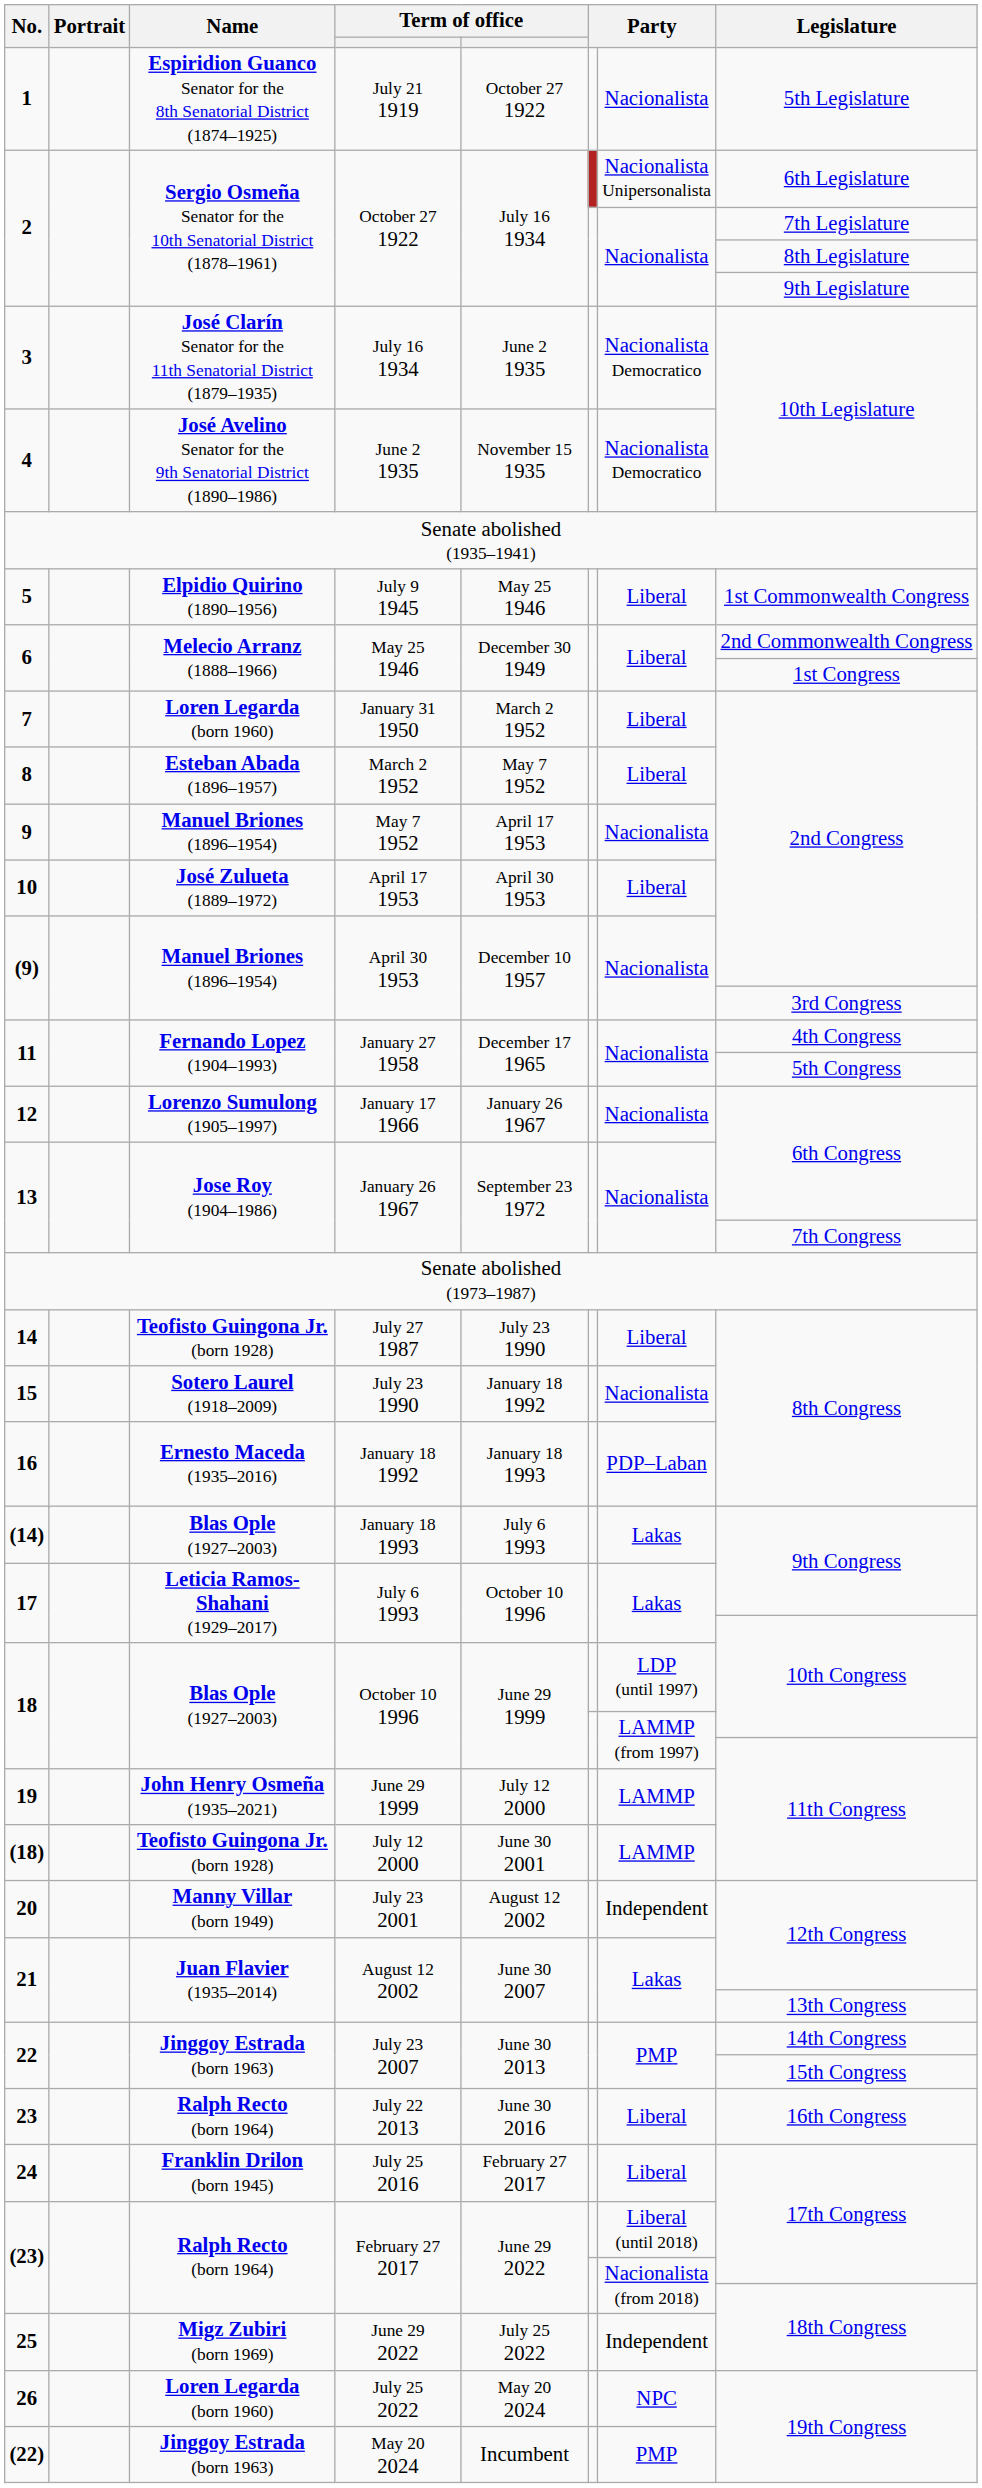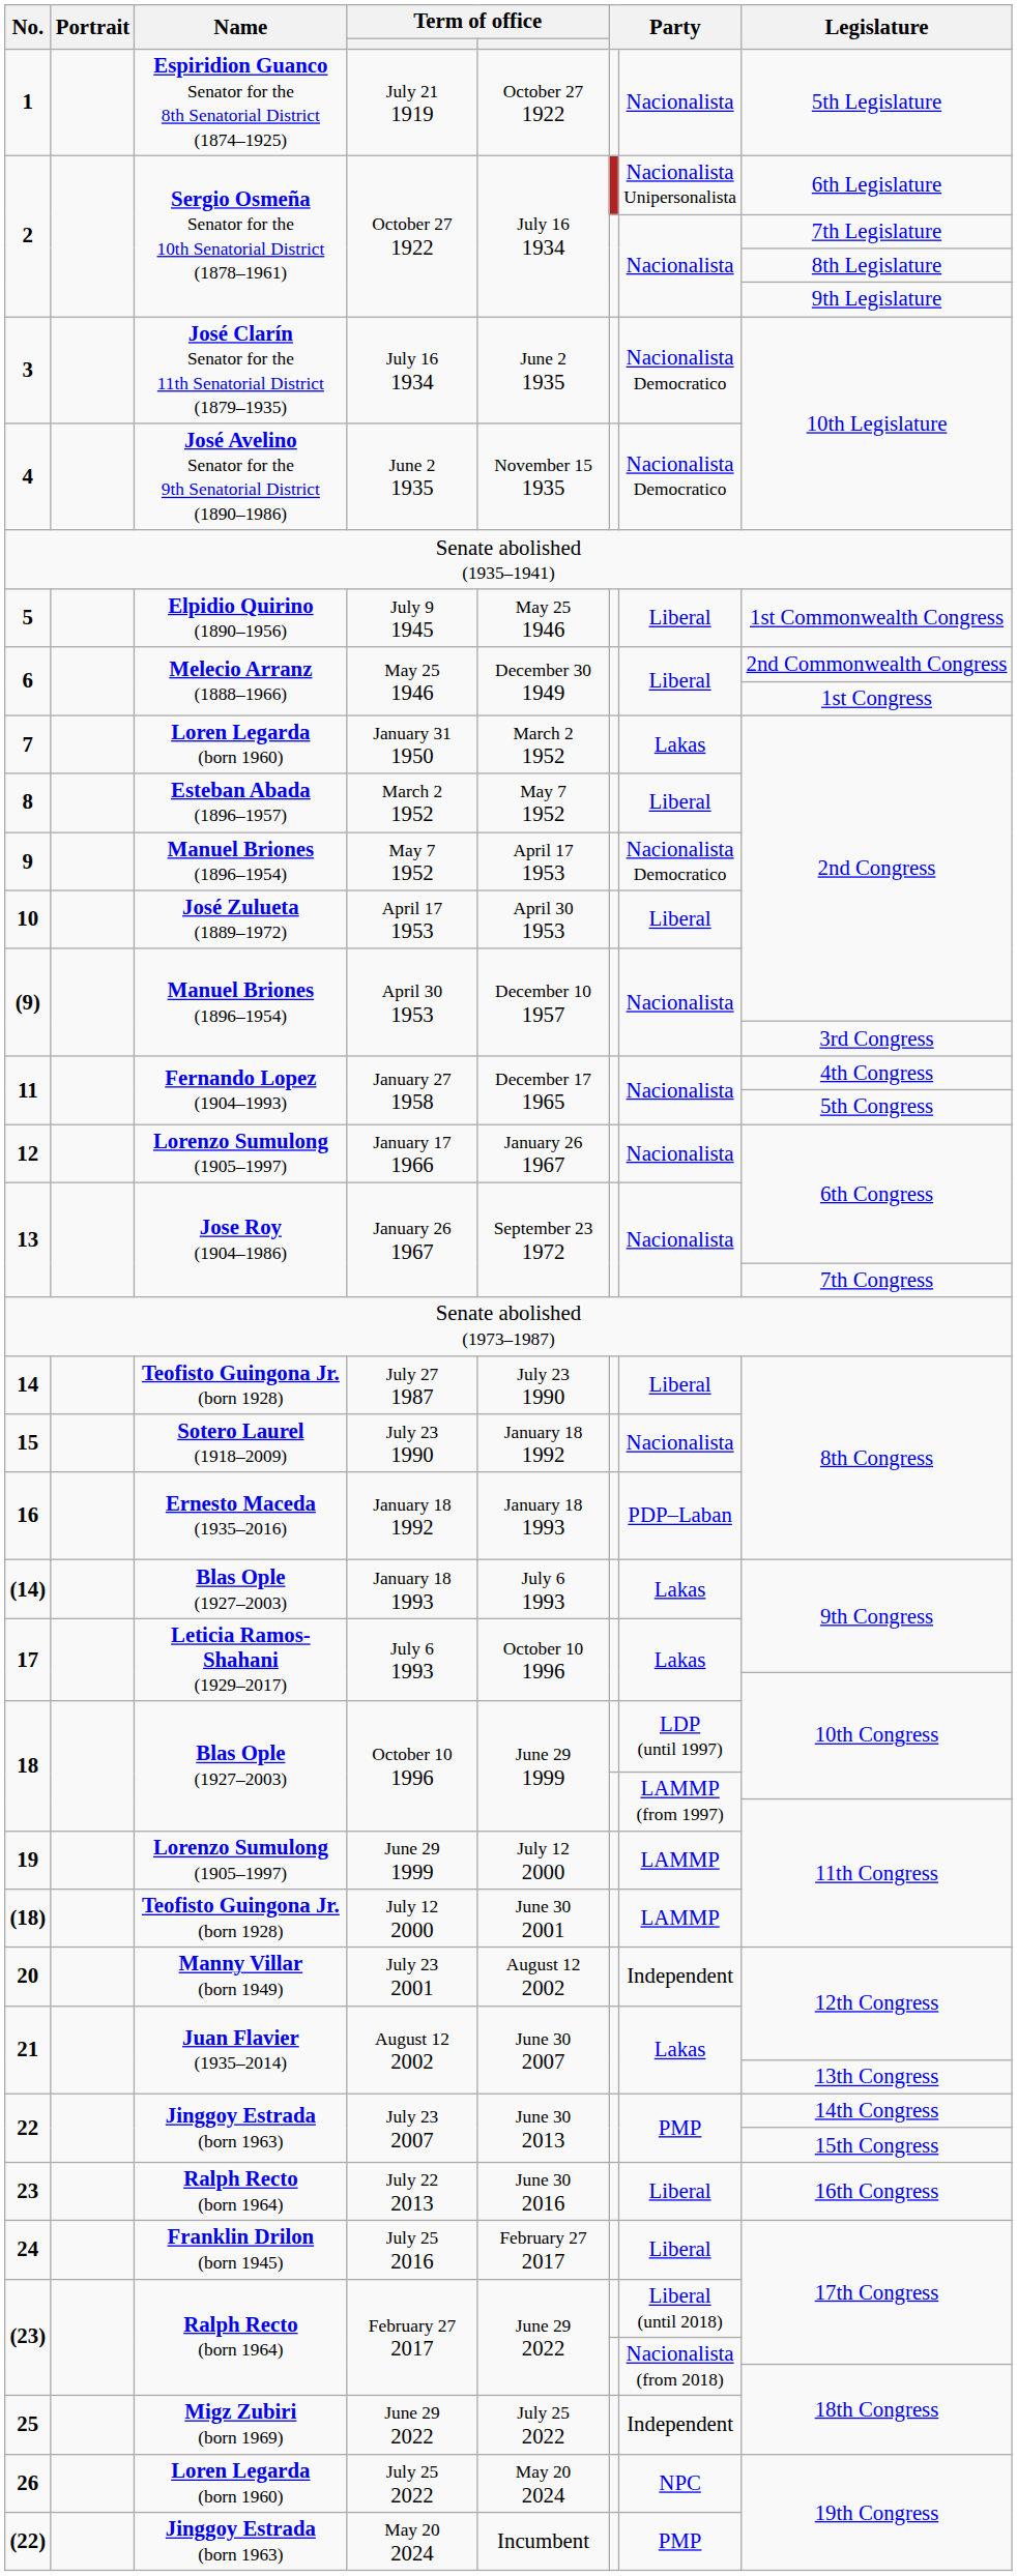 <table class="wikitable" style="text-align:center; border:1px #aaf solid;">
 <tr>
 <th rowspan="2">No.</th>
 <th rowspan="2">Portrait</th>
 <th rowspan="2" width="150">Name<br></th>
 <th colspan="2">Term of office</th>
 <th colspan="2" rowspan="2" width="90">Party</th>
 <th rowspan="2">Legislature</th>
 </tr>
 <tr>
 <th width="90"></th>
 <th width="90"></th>
 </tr>
 <tr>
 <td><strong>1</strong></td>
 <td></td>
 <td><strong><a href='#'>Espiridion Guanco</a></strong><br><small>Senator for the<br><a href='#'>8th Senatorial District</a></small><br><small>(1874–1925)</small></td>
 <td><small>July 21</small><br>1919</td>
 <td><small>October 27</small><br>1922</td>
 <td style="background:"></td>
 <td><a href='#'>Nacionalista</a></td>
 <td><a href='#'>5th Legislature</a></td>
 </tr>
 <tr>
 <td rowspan="4"><strong>2</strong></td>
 <td rowspan="4"></td>
 <td rowspan="4"><strong><a href='#'>Sergio Osmeña</a></strong><br><small>Senator for the<br><a href='#'>10th Senatorial District</a></small><br><small>(1878–1961)</small></td>
 <td rowspan="4"><small>October 27</small><br>1922</td>
 <td rowspan="4"><small>July 16</small><br>1934</td>
 <td style="background-color:#B22222"></td>
 <td><a href='#'>Nacionalista</a><br><small>Unipersonalista</small></td>
 <td><a href='#'>6th Legislature</a></td>
 </tr>
 <tr>
 <td rowspan="3" style="background:"></td>
 <td rowspan="3"><a href='#'>Nacionalista</a></td>
 <td><a href='#'>7th Legislature</a></td>
 </tr>
 <tr>
 <td><a href='#'>8th Legislature</a></td>
 </tr>
 <tr>
 <td><a href='#'>9th Legislature</a></td>
 </tr>
 <tr>
 <td><strong>3</strong></td>
 <td></td>
 <td><strong><a href='#'>José Clarín</a></strong><br><small>Senator for the<br><a href='#'>11th Senatorial District</a></small><br><small>(1879–1935)</small></td>
 <td><small>July 16</small><br>1934</td>
 <td><small>June 2</small><br>1935</td>
 <td style="background:"></td>
 <td><a href='#'>Nacionalista</a><br><small>Democratico</small></td>
 <td rowspan="2"><a href='#'>10th Legislature</a></td>
 </tr>
 <tr>
 <td><strong>4</strong></td>
 <td></td>
 <td><strong><a href='#'>José Avelino</a></strong><br><small>Senator for the<br><a href='#'>9th Senatorial District</a></small><br><small>(1890–1986)</small></td>
 <td><small>June 2</small><br>1935</td>
 <td><small>November 15</small><br>1935</td>
 <td style="background:"></td>
 <td><a href='#'>Nacionalista</a><br><small>Democratico</small></td>
 </tr>
 <tr>
 <td colspan="8">Senate abolished<br><small>(1935–1941)</small></td>
 </tr>
 <tr>
 <td><strong>5</strong></td>
 <td></td>
 <td><strong><a href='#'>Elpidio Quirino</a></strong><br><small>(1890–1956)</small></td>
 <td><small>July 9</small><br>1945</td>
 <td><small>May 25</small><br>1946</td>
 <td style="background:"></td>
 <td><a href='#'>Liberal</a></td>
 <td><a href='#'>1st Commonwealth Congress</a></td>
 </tr>
 <tr>
 <td rowspan="2"><strong>6</strong></td>
 <td rowspan="2"></td>
 <td rowspan="2"><strong><a href='#'>Melecio Arranz</a></strong><br><small>(1888–1966)</small></td>
 <td rowspan="2"><small>May 25</small><br>1946</td>
 <td rowspan="2"><small>December 30</small><br>1949</td>
 <td rowspan="2" style="background:"></td>
 <td rowspan="2"><a href='#'>Liberal</a></td>
 <td><a href='#'>2nd Commonwealth Congress</a></td>
 </tr>
 <tr>
 <td><a href='#'>1st Congress</a></td>
 </tr>
 <tr>
 <td><strong>7</strong></td>
 <td></td>
 <td><strong><a href='#'>Loren Legarda</a></strong><br><small>(born 1960)</small></td>
 <td><small>January 31</small><br>1950</td>
 <td><small>March 2</small><br>1952</td>
 <td style="background:"></td>
-<td><a href='#'>Liberal</a></td>
+<td><a href='#'>Lakas</a></td>
 <td rowspan="5"><a href='#'>2nd Congress</a></td>
 </tr>
 <tr>
 <td><strong>8</strong></td>
 <td></td>
 <td><strong><a href='#'>Esteban Abada</a></strong><br><small>(1896–1957)</small></td>
 <td><small>March 2</small><br>1952</td>
 <td><small>May 7</small><br>1952</td>
 <td style="background:"></td>
 <td><a href='#'>Liberal</a></td>
 </tr>
 <tr>
 <td><strong>9</strong></td>
 <td></td>
 <td><strong><a href='#'>Manuel Briones</a></strong><br><small>(1896–1954)</small></td>
 <td><small>May 7</small><br>1952</td>
 <td><small>April 17</small><br>1953</td>
 <td style="background:"></td>
-<td><a href='#'>Nacionalista</a></td>
+<td><a href='#'>Nacionalista</a><br><small>Democratico</small></td>
 </tr>
 <tr>
 <td><strong>10</strong></td>
 <td></td>
 <td><strong><a href='#'>José Zulueta</a></strong><br><small>(1889–1972)</small></td>
 <td><small>April 17</small><br>1953</td>
 <td><small>April 30</small><br>1953</td>
 <td style="background:"></td>
 <td><a href='#'>Liberal</a></td>
 </tr>
 <tr style="height:54px;">
 <td rowspan="2"><strong>(9)</strong></td>
 <td rowspan="2"></td>
 <td rowspan="2"><strong><a href='#'>Manuel Briones</a></strong><br><small>(1896–1954)</small></td>
 <td rowspan="2"><small>April 30</small><br>1953</td>
 <td rowspan="2"><small>December 10</small><br>1957</td>
 <td rowspan="2" style="background:"></td>
 <td rowspan="2"><a href='#'>Nacionalista</a></td>
 </tr>
 <tr>
 <td><a href='#'>3rd Congress</a></td>
 </tr>
 <tr>
 <td rowspan="2"><strong>11</strong></td>
 <td rowspan="2"></td>
 <td rowspan="2"><strong><a href='#'>Fernando Lopez</a></strong><br><small>(1904–1993)</small></td>
 <td rowspan="2"><small>January 27</small><br>1958</td>
 <td rowspan="2"><small>December 17</small><br>1965</td>
 <td rowspan="2" style="background:"></td>
 <td rowspan="2"><a href='#'>Nacionalista</a></td>
 <td><a href='#'>4th Congress</a></td>
 </tr>
 <tr>
 <td><a href='#'>5th Congress</a></td>
 </tr>
 <tr>
 <td><strong>12</strong></td>
 <td></td>
 <td><strong><a href='#'>Lorenzo Sumulong</a></strong><br><small>(1905–1997)</small></td>
 <td><small>January 17</small><br>1966</td>
 <td><small>January 26</small><br>1967</td>
 <td style="background:"></td>
 <td><a href='#'>Nacionalista</a></td>
 <td rowspan="2"><a href='#'>6th Congress</a></td>
 </tr>
 <tr style="height:60px;">
 <td rowspan="2"><strong>13</strong></td>
 <td rowspan="2"></td>
 <td rowspan="2"><strong><a href='#'>Jose Roy</a></strong><br><small>(1904–1986)</small></td>
 <td rowspan="2"><small>January 26</small><br>1967</td>
 <td rowspan="2"><small>September 23</small><br>1972</td>
 <td rowspan="2" style="background:"></td>
 <td rowspan="2"><a href='#'>Nacionalista</a></td>
 </tr>
 <tr>
 <td><a href='#'>7th Congress</a></td>
 </tr>
 <tr>
 <td colspan="8">Senate abolished<br><small>(1973–1987)</small></td>
 </tr>
 <tr>
 <td><strong>14</strong></td>
 <td></td>
 <td><strong><a href='#'>Teofisto Guingona Jr.</a></strong><br><small>(born 1928)</small></td>
 <td><small>July 27</small><br>1987</td>
 <td><small>July 23</small><br>1990</td>
 <td style="background:"></td>
 <td><a href='#'>Liberal</a></td>
 <td rowspan="3"><a href='#'>8th Congress</a></td>
 </tr>
 <tr>
 <td><strong>15</strong></td>
 <td></td>
 <td><strong><a href='#'>Sotero Laurel</a></strong><br><small>(1918–2009)</small></td>
 <td><small>July 23</small><br>1990</td>
 <td><small>January 18</small><br>1992</td>
 <td style="background:"></td>
 <td><a href='#'>Nacionalista</a></td>
 </tr>
 <tr style="height:65px;">
 <td rowspan="2"><strong>16</strong></td>
 <td rowspan="2"></td>
 <td rowspan="2"><strong><a href='#'>Ernesto Maceda</a></strong><br><small>(1935–2016)</small></td>
 <td rowspan="2"><small>January 18</small><br>1992</td>
 <td rowspan="2"><small>January 18</small><br>1993</td>
 <td rowspan="2" style="background:"></td>
 <td rowspan="2"><a href='#'>PDP–Laban</a></td>
 </tr>
 <tr>
 <td rowspan="3"><a href='#'>9th Congress</a></td>
 </tr>
 <tr>
 <td><strong>(14)</strong></td>
 <td></td>
 <td><strong><a href='#'>Blas Ople</a></strong><br><small>(1927–2003)</small></td>
 <td><small>January 18</small><br>1993</td>
 <td><small>July 6</small><br>1993</td>
 <td style="background:"></td>
 <td><a href='#'>Lakas</a></td>
 </tr>
 <tr style="height:40px;">
 <td rowspan="2"><strong>17</strong></td>
 <td rowspan="2"></td>
 <td rowspan="2"><strong><a href='#'>Leticia Ramos-Shahani</a></strong><br><small>(1929–2017)</small></td>
 <td rowspan="2"><small>July 6</small><br>1993</td>
 <td rowspan="2"><small>October 10</small><br>1996</td>
 <td rowspan="2" style="background:"></td>
 <td rowspan="2"><a href='#'>Lakas</a></td>
 </tr>
 <tr>
 <td rowspan="3"><a href='#'>10th Congress</a></td>
 </tr>
 <tr style="height:53px;">
 <td rowspan="3"><strong>18</strong></td>
 <td rowspan="3"></td>
 <td rowspan="3"><strong><a href='#'>Blas Ople</a></strong><br><small>(1927–2003)</small></td>
 <td rowspan="3"><small>October 10</small><br>1996</td>
 <td rowspan="3"><small>June 29</small><br>1999</td>
 <td style="background:"></td>
 <td><a href='#'>LDP</a><br><small>(until 1997)</small></td>
 </tr>
 <tr style="height:20px;">
 <td rowspan="2" style="background:"></td>
 <td rowspan="2"><a href='#'>LAMMP</a><br><small>(from 1997)</small></td>
 </tr>
 <tr>
 <td rowspan="3"><a href='#'>11th Congress</a></td>
 </tr>
 <tr>
 <td><strong>19</strong></td>
 <td></td>
-<td><strong><a href='#'>John Henry Osmeña</a></strong><br><small>(1935–2021)</small></td>
+<td><strong><a href='#'>Lorenzo Sumulong</a></strong><br><small>(1905–1997)</small></td>
 <td><small>June 29</small><br>1999</td>
 <td><small>July 12</small><br>2000</td>
 <td style="background:"></td>
 <td><a href='#'>LAMMP</a></td>
 </tr>
 <tr>
 <td><strong>(18)</strong></td>
 <td></td>
 <td><strong><a href='#'>Teofisto Guingona Jr.</a></strong><br><small>(born 1928)</small></td>
 <td><small>July 12</small><br>2000</td>
 <td><small>June 30</small><br>2001</td>
 <td style="background:"></td>
 <td><a href='#'>LAMMP</a></td>
 </tr>
 <tr>
 <td><strong>20</strong></td>
 <td></td>
 <td><strong><a href='#'>Manny Villar</a></strong><br><small>(born 1949)</small></td>
 <td><small>July 23</small><br>2001</td>
 <td><small>August 12</small><br>2002</td>
 <td style="background:"></td>
 <td>Independent</td>
 <td rowspan="2"><a href='#'>12th Congress</a></td>
 </tr>
 <tr style="height:40px;">
 <td rowspan="2"><strong>21</strong></td>
 <td rowspan="2"></td>
 <td rowspan="2"><strong><a href='#'>Juan Flavier</a></strong><br><small>(1935–2014)</small></td>
 <td rowspan="2"><small>August 12</small><br>2002</td>
 <td rowspan="2"><small>June 30</small><br>2007</td>
 <td rowspan="2" style="background:"></td>
 <td rowspan="2"><a href='#'>Lakas</a></td>
 </tr>
 <tr>
 <td><a href='#'>13th Congress</a></td>
 </tr>
 <tr>
 <td rowspan="2"><strong>22</strong></td>
 <td rowspan="2"></td>
 <td rowspan="2"><strong><a href='#'>Jinggoy Estrada</a></strong><br><small>(born 1963)</small></td>
 <td rowspan="2"><small>July 23</small><br>2007</td>
 <td rowspan="2"><small>June 30</small><br>2013</td>
 <td rowspan="2" style="background:"></td>
 <td rowspan="2"><a href='#'>PMP</a></td>
 <td><a href='#'>14th Congress</a></td>
 </tr>
 <tr>
 <td><a href='#'>15th Congress</a></td>
 </tr>
 <tr>
 <td><strong>23</strong></td>
 <td></td>
 <td><strong><a href='#'>Ralph Recto</a></strong><br><small>(born 1964)</small></td>
 <td><small>July 22</small><br>2013</td>
 <td><small>June 30</small><br>2016</td>
 <td style="background:"></td>
 <td><a href='#'>Liberal</a></td>
 <td><a href='#'>16th Congress</a></td>
 </tr>
 <tr>
 <td><strong>24</strong></td>
 <td></td>
 <td><strong><a href='#'>Franklin Drilon</a></strong><br><small>(born 1945)</small></td>
 <td><small>July 25</small><br>2016</td>
 <td><small>February 27</small><br>2017</td>
 <td style="background:"></td>
 <td><a href='#'>Liberal</a></td>
 <td rowspan="3"><a href='#'>17th Congress</a></td>
 </tr>
 <tr>
 <td rowspan="3"><strong>(23)</strong></td>
 <td rowspan="3"></td>
 <td rowspan="3"><strong><a href='#'>Ralph Recto</a></strong><br><small>(born 1964)</small></td>
 <td rowspan="3"><small>February 27</small><br>2017</td>
 <td rowspan="3"><small>June 29</small><br>2022</td>
 <td style="background:"></td>
 <td><a href='#'>Liberal</a><br><small>(until 2018)</small></td>
 </tr>
 <tr style="height:20px;">
 <td rowspan="2" style="background:"></td>
 <td rowspan="2"><a href='#'>Nacionalista</a><br><small>(from 2018)</small></td>
 </tr>
 <tr>
 <td rowspan="2"><a href='#'>18th Congress</a></td>
 </tr>
 <tr>
 <td><strong>25</strong></td>
 <td></td>
 <td><strong><a href='#'>Migz Zubiri</a></strong><br><small>(born 1969)</small></td>
 <td><small>June 29</small><br>2022</td>
 <td><small>July 25</small><br>2022</td>
 <td style="background:"></td>
 <td>Independent</td>
 </tr>
 <tr>
 <td><strong>26</strong></td>
 <td></td>
 <td><strong><a href='#'>Loren Legarda</a></strong><br><small>(born 1960)</small></td>
 <td><small>July 25</small><br>2022</td>
 <td><small>May 20</small><br>2024</td>
 <td style="background:"></td>
 <td><a href='#'>NPC</a></td>
 <td rowspan="2"><a href='#'>19th Congress</a></td>
 </tr>
 <tr>
 <td><strong>(22)</strong></td>
 <td></td>
 <td><strong><a href='#'>Jinggoy Estrada</a></strong><br><small>(born 1963)</small></td>
 <td><small>May 20</small><br>2024</td>
 <td>Incumbent</td>
 <td style="background:"></td>
 <td><a href='#'>PMP</a></td>
 </tr>
 </table>
